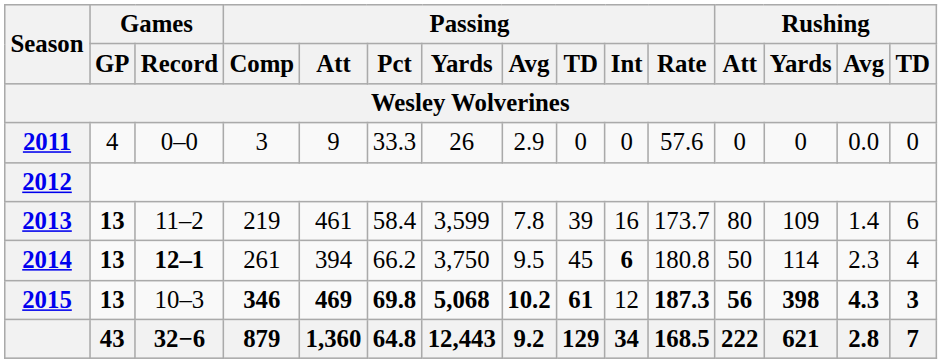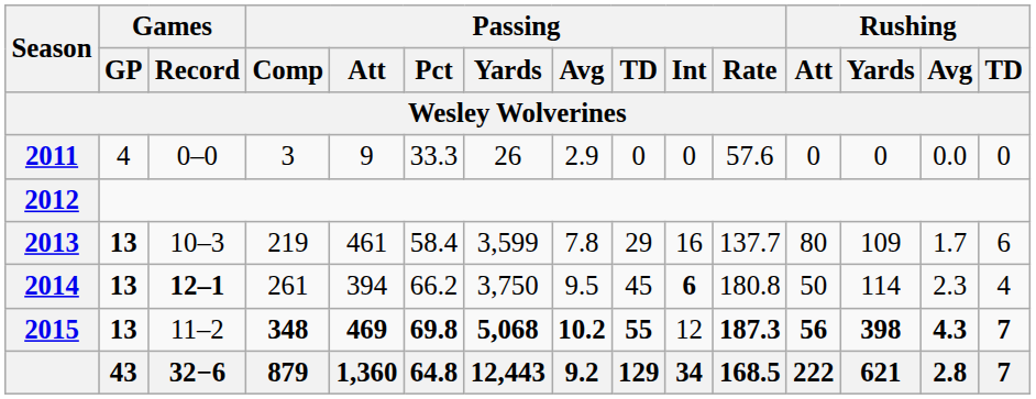 <table class="wikitable" style="text-align:center;">
 <tr>
 <th rowspan="2">Season</th>
 <th colspan="2">Games</th>
 <th colspan="8">Passing</th>
 <th colspan="4">Rushing</th>
 </tr>
 <tr>
 <th>GP</th>
 <th>Record</th>
 <th>Comp</th>
 <th>Att</th>
 <th>Pct</th>
 <th>Yards</th>
 <th>Avg</th>
 <th>TD</th>
 <th>Int</th>
 <th>Rate</th>
 <th>Att</th>
 <th>Yards</th>
 <th>Avg</th>
 <th>TD</th>
 </tr>
 <tr>
 <th colspan="16">Wesley Wolverines</th>
 </tr>
 <tr>
 <th><a href='#'>2011</a></th>
 <td>4</td>
 <td>0–0</td>
 <td>3</td>
 <td>9</td>
 <td>33.3</td>
 <td>26</td>
 <td>2.9</td>
 <td>0</td>
 <td>0</td>
 <td>57.6</td>
 <td>0</td>
 <td>0</td>
 <td>0.0</td>
 <td>0</td>
 </tr>
 <tr>
 <th><a href='#'>2012</a></th>
 <td colspan="15"></td>
 </tr>
 <tr>
 <th><a href='#'>2013</a></th>
 <td><strong>13</strong></td>
-<td>11–2</td>
+<td>10–3</td>
 <td>219</td>
 <td>461</td>
 <td>58.4</td>
 <td>3,599</td>
 <td>7.8</td>
-<td>39</td>
+<td>29</td>
 <td>16</td>
-<td>173.7</td>
+<td>137.7</td>
 <td>80</td>
 <td>109</td>
-<td>1.4</td>
+<td>1.7</td>
 <td>6</td>
 </tr>
 <tr>
 <th><a href='#'>2014</a></th>
 <td><strong>13</strong></td>
 <td><strong>12–1</strong></td>
 <td>261</td>
 <td>394</td>
 <td>66.2</td>
 <td>3,750</td>
 <td>9.5</td>
 <td>45</td>
 <td><strong>6</strong></td>
 <td>180.8</td>
 <td>50</td>
 <td>114</td>
 <td>2.3</td>
 <td>4</td>
 </tr>
 <tr>
 <th><a href='#'>2015</a></th>
 <td><strong>13</strong></td>
-<td>10–3</td>
-<td><strong>346</strong></td>
+<td>11–2</td>
+<td><strong>348</strong></td>
 <td><strong>469</strong></td>
 <td><strong>69.8</strong></td>
 <td><strong>5,068</strong></td>
 <td><strong>10.2</strong></td>
-<td><strong>61</strong></td>
+<td><strong>55</strong></td>
 <td>12</td>
 <td><strong>187.3</strong></td>
 <td><strong>56</strong></td>
 <td><strong>398</strong></td>
 <td><strong>4.3</strong></td>
-<td><strong>3</strong></td>
+<td><strong>7</strong></td>
 </tr>
 <tr>
 <th></th>
 <th>43</th>
 <th>32−6</th>
 <th>879</th>
 <th>1,360</th>
 <th>64.8</th>
 <th>12,443</th>
 <th>9.2</th>
 <th>129</th>
 <th>34</th>
 <th>168.5</th>
 <th>222</th>
 <th>621</th>
 <th>2.8</th>
 <th>7</th>
 </tr>
 </table>
